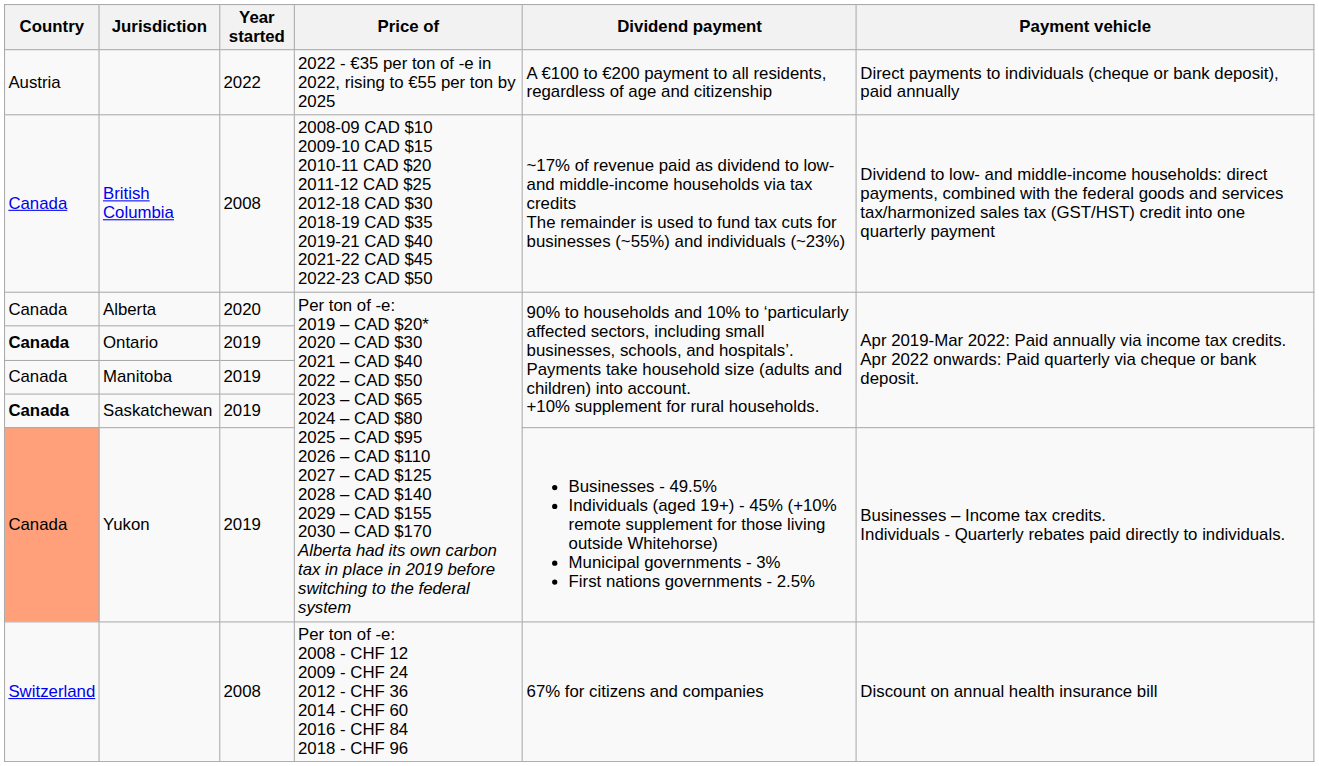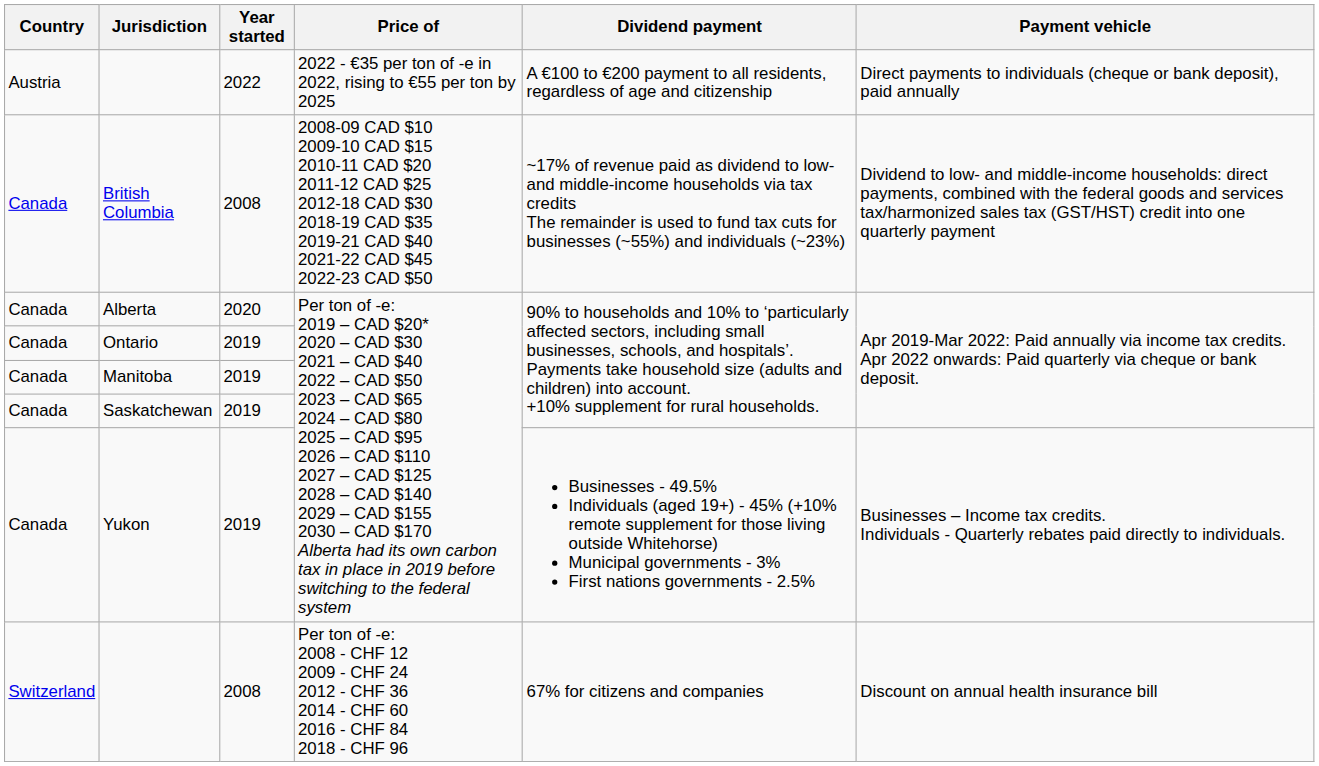 <table class="wikitable">
 <tr>
 <th>Country</th>
 <th>Jurisdiction</th>
 <th>Year started</th>
 <th>Price of </th>
 <th>Dividend payment</th>
 <th>Payment vehicle</th>
 </tr>
 <tr>
 <td>Austria</td>
 <td></td>
 <td>2022</td>
 <td>2022 - €35 per ton of -e in  2022, rising to €55 per ton by 2025</td>
 <td>A €100 to €200 payment to all residents, regardless of age and citizenship</td>
 <td>Direct payments to individuals  (cheque or bank deposit), paid annually</td>
 </tr>
 <tr>
 <td><a href='#'>Canada</a></td>
 <td><a href='#'>British Columbia</a></td>
 <td>2008</td>
 <td>2008-09 CAD $10<br>2009-10 CAD $15<br>2010-11 CAD $20<br>2011-12 CAD $25<br>2012-18 CAD $30<br>2018-19 CAD $35<br>2019-21 CAD $40<br>2021-22 CAD $45<br>2022-23 CAD $50</td>
 <td>~17% of revenue paid as dividend to low- and middle-income households via tax credits<br>The remainder is used to fund tax cuts for businesses (~55%) and individuals (~23%)</td>
 <td>Dividend to low- and middle-income households: direct payments, combined with the federal goods and services tax/harmonized sales tax (GST/HST) credit into one quarterly payment</td>
 </tr>
 <tr>
 <td>Canada</td>
 <td>Alberta</td>
 <td>2020</td>
 <td rowspan="5">Per ton of -e:<br>2019 – CAD $20*<br>2020 – CAD $30<br>2021 – CAD $40<br>2022 – CAD $50<br>2023 – CAD $65<br>2024 – CAD $80<br>2025 – CAD $95<br>2026 – CAD $110<br>2027 – CAD $125<br>2028 – CAD $140<br>2029 – CAD $155<br>2030 – CAD $170<br><em>Alberta had  its own carbon tax in place in 2019 before switching to the federal system</em></td>
 <td rowspan="4">90% to households and 10% to ‘particularly  affected sectors, including small businesses, schools, and hospitals’.<br>Payments take household size  (adults and children) into account.<br>+10% supplement for rural  households.</td>
 <td rowspan="4">Apr 2019-Mar 2022: Paid annually  via income tax credits.<br>Apr 2022 onwards: Paid quarterly  via cheque or bank deposit.</td>
 </tr>
 <tr>
-<td><strong>Canada</strong></td>
+<td>Canada</td>
 <td>Ontario</td>
 <td>2019</td>
 </tr>
 <tr>
 <td>Canada</td>
 <td>Manitoba</td>
 <td>2019</td>
 </tr>
 <tr>
-<td><strong>Canada</strong></td>
+<td>Canada</td>
 <td>Saskatchewan</td>
 <td>2019</td>
 </tr>
 <tr>
-<td style="background: lightsalmon;">Canada</td>
+<td>Canada</td>
 <td>Yukon</td>
 <td>2019</td>
 <td><br><ul><li>Businesses - 49.5%</li><li>Individuals (aged 19+) - 45% (+10% remote  supplement for those living outside Whitehorse)</li><li>Municipal governments - 3%</li><li>First nations governments - 2.5%</li></ul></td>
 <td>Businesses – Income tax credits.<br>Individuals - Quarterly rebates  paid directly to individuals.</td>
 </tr>
 <tr>
 <td><a href='#'>Switzerland</a></td>
 <td></td>
 <td>2008</td>
 <td>Per ton of -e:<br>2008 - CHF 12<br>2009 - CHF 24<br>2012 - CHF 36<br>2014 - CHF 60<br>2016 - CHF 84<br>2018 - CHF 96</td>
 <td>67% for citizens and companies</td>
 <td>Discount on annual health insurance bill</td>
 </tr>
 </table>
